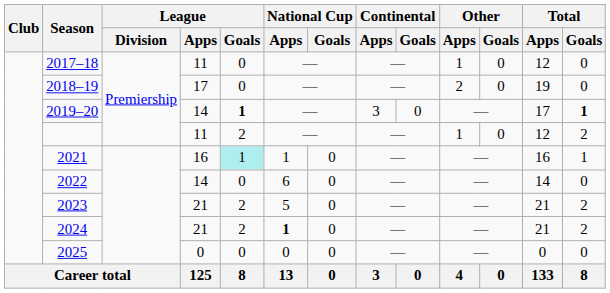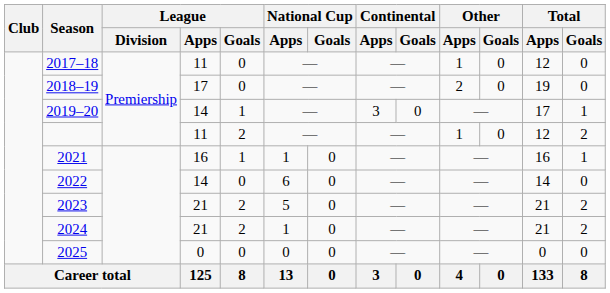 <table class="wikitable" style="text-align:center;">
 <tr>
 <th rowspan="2">Club</th>
 <th rowspan="2">Season</th>
 <th colspan="3">League</th>
 <th colspan="2">National Cup</th>
 <th colspan="2">Continental</th>
 <th colspan="2">Other</th>
 <th colspan="2">Total</th>
 </tr>
 <tr>
 <th>Division</th>
 <th>Apps</th>
 <th>Goals</th>
 <th>Apps</th>
 <th>Goals</th>
 <th>Apps</th>
 <th>Goals</th>
 <th>Apps</th>
 <th>Goals</th>
 <th>Apps</th>
 <th>Goals</th>
 </tr>
 <tr>
 <td rowspan=9></td>
 <td><a href='#'>2017–18</a></td>
 <td rowspan=4><a href='#'>Premiership</a></td>
 <td>11</td>
 <td>0</td>
 <td colspan=2>—</td>
 <td colspan=2>—</td>
 <td>1</td>
 <td>0</td>
 <td>12</td>
 <td>0</td>
 </tr>
 <tr>
 <td><a href='#'>2018–19</a></td>
 <td>17</td>
 <td>0</td>
 <td colspan=2>—</td>
 <td colspan=2>—</td>
 <td>2</td>
 <td>0</td>
 <td>19</td>
 <td>0</td>
 </tr>
 <tr>
 <td><a href='#'>2019–20</a></td>
 <td>14</td>
-<td><strong>1</strong></td>
+<td>1</td>
 <td colspan=2>—</td>
 <td>3</td>
 <td>0</td>
 <td colspan=2>—</td>
 <td>17</td>
-<td><strong>1</strong></td>
+<td>1</td>
 </tr>
 <tr>
 <td></td>
 <td>11</td>
 <td>2</td>
 <td colspan=2>—</td>
 <td colspan=2>—</td>
 <td>1</td>
 <td>0</td>
 <td>12</td>
 <td>2</td>
 </tr>
 <tr>
 <td><a href='#'>2021</a></td>
 <td rowspan=5></td>
 <td>16</td>
-<td style="background: paleturquoise;">1</td>
+<td>1</td>
 <td>1</td>
 <td>0</td>
 <td colspan=2>—</td>
 <td colspan=2>—</td>
 <td>16</td>
 <td>1</td>
 </tr>
 <tr>
 <td><a href='#'>2022</a></td>
 <td>14</td>
 <td>0</td>
 <td>6</td>
 <td>0</td>
 <td colspan=2>—</td>
 <td colspan=2>—</td>
 <td>14</td>
 <td>0</td>
 </tr>
 <tr>
 <td><a href='#'>2023</a></td>
 <td>21</td>
 <td>2</td>
 <td>5</td>
 <td>0</td>
 <td colspan=2>—</td>
 <td colspan=2>—</td>
 <td>21</td>
 <td>2</td>
 </tr>
 <tr>
 <td><a href='#'>2024</a></td>
 <td>21</td>
 <td>2</td>
-<td><strong>1</strong></td>
+<td>1</td>
 <td>0</td>
 <td colspan=2>—</td>
 <td colspan=2>—</td>
 <td>21</td>
 <td>2</td>
 </tr>
 <tr>
 <td><a href='#'>2025</a></td>
 <td>0</td>
 <td>0</td>
 <td>0</td>
 <td>0</td>
 <td colspan=2>—</td>
 <td colspan=2>—</td>
 <td>0</td>
 <td>0</td>
 </tr>
 <tr>
 <th colspan=3>Career total</th>
 <th>125</th>
 <th>8</th>
 <th>13</th>
 <th>0</th>
 <th>3</th>
 <th>0</th>
 <th>4</th>
 <th>0</th>
 <th>133</th>
 <th>8</th>
 </tr>
 </table>
